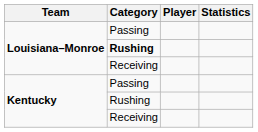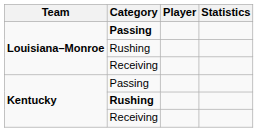 <table class="wikitable" style="float: left;">
 <tr>
 <th>Team</th>
 <th>Category</th>
 <th>Player</th>
 <th>Statistics</th>
 </tr>
 <tr>
 <td rowspan=3><strong>Louisiana–Monroe</strong></td>
-<td>Passing</td>
+<td><strong>Passing</strong></td>
 <td></td>
 <td></td>
 </tr>
 <tr>
-<td><strong>Rushing</strong></td>
+<td>Rushing</td>
 <td></td>
 <td></td>
 </tr>
 <tr>
 <td>Receiving</td>
 <td></td>
 <td></td>
 </tr>
 <tr>
 <td rowspan=3><strong>Kentucky</strong></td>
 <td>Passing</td>
 <td></td>
 <td></td>
 </tr>
 <tr>
-<td>Rushing</td>
+<td><strong>Rushing</strong></td>
 <td></td>
 <td></td>
 </tr>
 <tr>
 <td>Receiving</td>
 <td></td>
 <td></td>
 </tr>
 </table>
